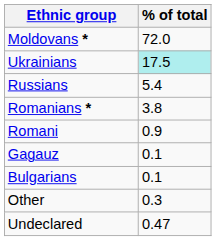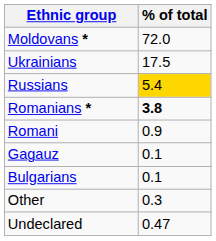 <table class="wikitable sortable">
 <tr>
 <th style="width:140px;"><a href='#'>Ethnic group</a></th>
 <th>% of total</th>
 </tr>
 <tr>
 <td><a href='#'>Moldovans</a> <strong>*</strong></td>
 <td>72.0</td>
 </tr>
 <tr>
 <td><a href='#'>Ukrainians</a></td>
-<td style="background: paleturquoise;">17.5</td>
+<td>17.5</td>
 </tr>
 <tr>
 <td><a href='#'>Russians</a></td>
-<td>5.4</td>
+<td style="background: gold;">5.4</td>
 </tr>
 <tr>
 <td><a href='#'>Romanians</a> <strong>*</strong></td>
-<td>3.8</td>
+<td><strong>3.8</strong></td>
 </tr>
 <tr>
 <td><a href='#'>Romani</a></td>
 <td>0.9</td>
 </tr>
 <tr>
 <td><a href='#'>Gagauz</a></td>
 <td>0.1</td>
 </tr>
 <tr>
 <td><a href='#'>Bulgarians</a></td>
 <td>0.1</td>
 </tr>
 <tr>
 <td>Other</td>
 <td>0.3</td>
 </tr>
 <tr>
 <td>Undeclared</td>
 <td>0.47</td>
 </tr>
 </table>
